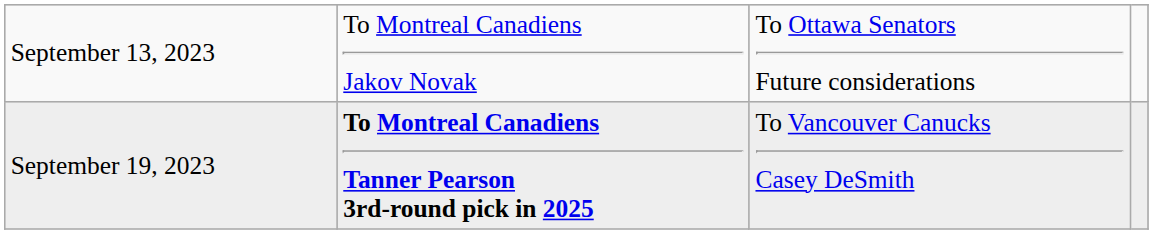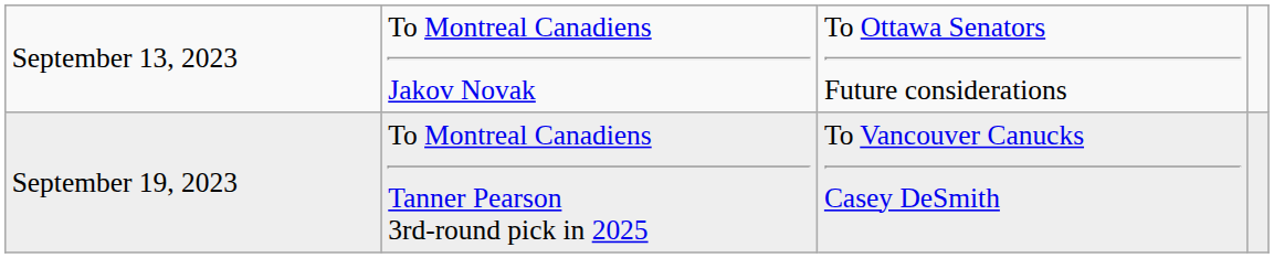 <table cellspacing=0 class="wikitable" style="border:1px solid #999999; width:720px;">
 <tr>
 <td>September 13, 2023</td>
 <td valign="top">To <a href='#'>Montreal Canadiens</a><hr><a href='#'>Jakov Novak</a></td>
 <td valign="top">To <a href='#'>Ottawa Senators</a><hr>Future considerations</td>
 <td></td>
 </tr>
 <tr bgcolor="eeeeee">
 <td>September 19, 2023</td>
-<td valign="top"><strong>To <a href='#'>Montreal Canadiens</a><hr><a href='#'>Tanner Pearson</a><br>3rd-round pick in <a href='#'>2025</a></strong></td>
+<td valign="top">To <a href='#'>Montreal Canadiens</a><hr><a href='#'>Tanner Pearson</a><br>3rd-round pick in <a href='#'>2025</a></td>
 <td valign="top">To <a href='#'>Vancouver Canucks</a><hr><a href='#'>Casey DeSmith</a></td>
 <td></td>
 </tr>
 </table>
